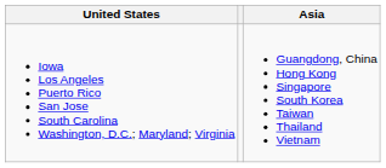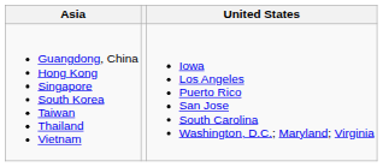 <table class="wikitable">
 <tr>
+<th>Asia</th>
+<th></th>
 <th>United States</th>
-<th></th>
-<th>Asia</th>
 </tr>
 <tr>
+<td><br><ul><li><a href='#'>Guangdong</a>, China</li><li><a href='#'>Hong Kong</a></li><li><a href='#'>Singapore</a></li><li><a href='#'>South Korea</a></li><li><a href='#'>Taiwan</a></li><li><a href='#'>Thailand</a></li><li><a href='#'>Vietnam</a></li></ul></td>
+<td></td>
 <td><br><ul><li><a href='#'>Iowa</a></li><li><a href='#'>Los Angeles</a></li><li><a href='#'>Puerto Rico</a></li><li><a href='#'>San Jose</a></li><li><a href='#'>South Carolina</a></li><li><a href='#'>Washington, D.C.</a>; <a href='#'>Maryland</a>; <a href='#'>Virginia</a></li></ul></td>
-<td></td>
-<td><br><ul><li><a href='#'>Guangdong</a>, China</li><li><a href='#'>Hong Kong</a></li><li><a href='#'>Singapore</a></li><li><a href='#'>South Korea</a></li><li><a href='#'>Taiwan</a></li><li><a href='#'>Thailand</a></li><li><a href='#'>Vietnam</a></li></ul></td>
 </tr>
 </table>
